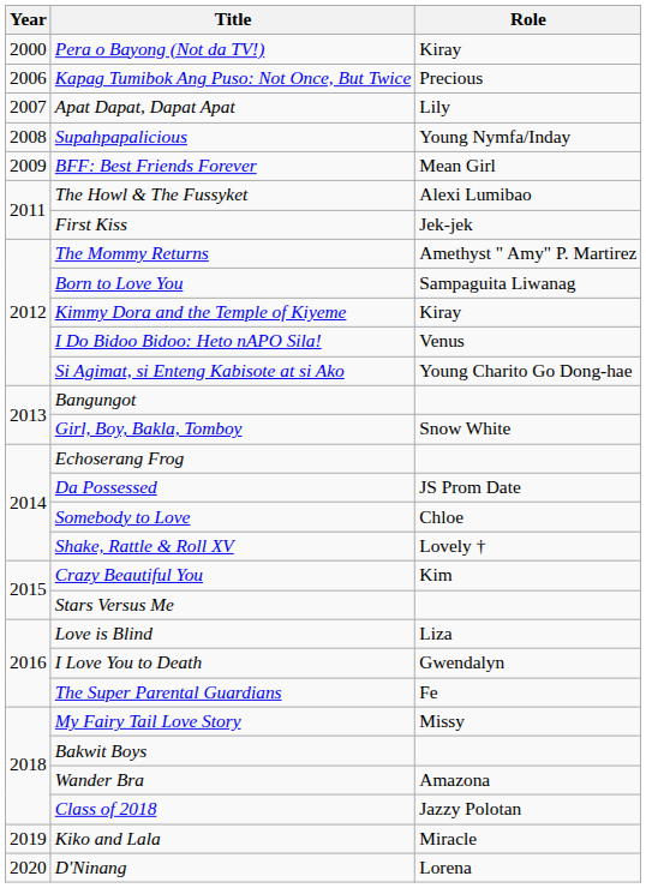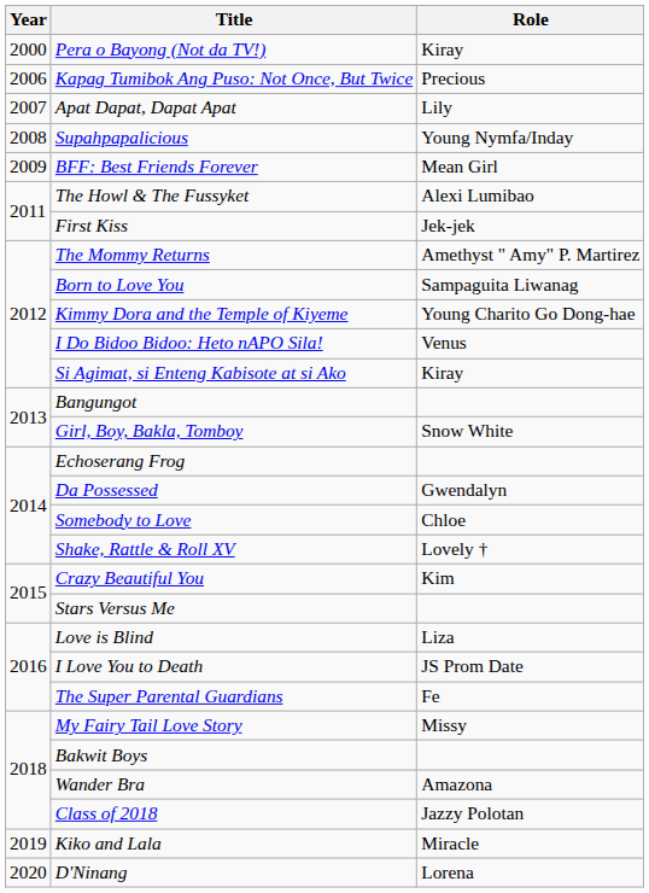 <table class="wikitable">
 <tr>
 <th>Year</th>
 <th>Title</th>
 <th>Role</th>
 </tr>
 <tr>
 <td>2000</td>
 <td><em><a href='#'>Pera o Bayong (Not da TV!)</a></em></td>
 <td>Kiray</td>
 </tr>
 <tr>
 <td>2006</td>
 <td><em><a href='#'>Kapag Tumibok Ang Puso: Not Once, But Twice</a></em></td>
 <td>Precious</td>
 </tr>
 <tr>
 <td>2007</td>
 <td><em>Apat Dapat, Dapat Apat</em></td>
 <td>Lily</td>
 </tr>
 <tr>
 <td>2008</td>
 <td><em><a href='#'>Supahpapalicious</a></em></td>
 <td>Young Nymfa/Inday</td>
 </tr>
 <tr>
 <td>2009</td>
 <td><em><a href='#'>BFF: Best Friends Forever</a></em></td>
 <td>Mean Girl</td>
 </tr>
 <tr>
 <td rowspan=2>2011</td>
 <td><em>The Howl & The Fussyket</em></td>
 <td>Alexi Lumibao</td>
 </tr>
 <tr>
 <td><em>First Kiss</em></td>
 <td>Jek-jek</td>
 </tr>
 <tr>
 <td rowspan=5>2012</td>
 <td><em><a href='#'>The Mommy Returns</a></em></td>
 <td>Amethyst " Amy" P. Martirez</td>
 </tr>
 <tr>
 <td><em><a href='#'>Born to Love You</a></em></td>
 <td>Sampaguita Liwanag</td>
 </tr>
 <tr>
 <td><em><a href='#'>Kimmy Dora and the Temple of Kiyeme</a></em></td>
-<td>Kiray</td>
+<td>Young Charito Go Dong-hae</td>
 </tr>
 <tr>
 <td><em><a href='#'>I Do Bidoo Bidoo: Heto nAPO Sila!</a></em></td>
 <td>Venus</td>
 </tr>
 <tr>
 <td><em><a href='#'>Si Agimat, si Enteng Kabisote at si Ako</a></em></td>
-<td>Young Charito Go Dong-hae</td>
+<td>Kiray</td>
 </tr>
 <tr>
 <td rowspan=2>2013</td>
 <td><em>Bangungot</em></td>
 <td></td>
 </tr>
 <tr>
 <td><em><a href='#'>Girl, Boy, Bakla, Tomboy</a></em></td>
 <td>Snow White</td>
 </tr>
 <tr>
 <td rowspan=4>2014</td>
 <td><em>Echoserang Frog</em></td>
 <td></td>
 </tr>
 <tr>
 <td><em><a href='#'>Da Possessed</a></em></td>
-<td>JS Prom Date</td>
+<td>Gwendalyn</td>
 </tr>
 <tr>
 <td><em><a href='#'>Somebody to Love</a></em></td>
 <td>Chloe</td>
 </tr>
 <tr>
 <td><em><a href='#'>Shake, Rattle & Roll XV</a></em></td>
 <td>Lovely †</td>
 </tr>
 <tr>
 <td rowspan=2>2015</td>
 <td><em><a href='#'>Crazy Beautiful You</a></em></td>
 <td>Kim</td>
 </tr>
 <tr>
 <td><em>Stars Versus Me</em></td>
 <td></td>
 </tr>
 <tr>
 <td rowspan=3>2016</td>
 <td><em>Love is Blind</em></td>
 <td>Liza</td>
 </tr>
 <tr>
 <td><em>I Love You to Death</em></td>
-<td>Gwendalyn</td>
+<td>JS Prom Date</td>
 </tr>
 <tr>
 <td><em><a href='#'>The Super Parental Guardians</a></em></td>
 <td>Fe</td>
 </tr>
 <tr>
 <td rowspan=4>2018</td>
 <td><em><a href='#'>My Fairy Tail Love Story</a></em></td>
 <td>Missy</td>
 </tr>
 <tr>
 <td><em>Bakwit Boys</em></td>
 <td></td>
 </tr>
 <tr>
 <td><em>Wander Bra</em></td>
 <td>Amazona</td>
 </tr>
 <tr>
 <td><em><a href='#'>Class of 2018</a></em></td>
 <td>Jazzy Polotan</td>
 </tr>
 <tr>
 <td>2019</td>
 <td><em>Kiko and Lala</em></td>
 <td>Miracle</td>
 </tr>
 <tr>
 <td>2020</td>
 <td><em>D'Ninang</em></td>
 <td>Lorena</td>
 </tr>
 </table>
